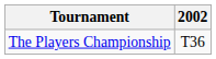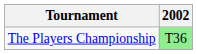 <table class="wikitable" style="font-size:95%;text-align:center;">
 <tr>
 <th>Tournament</th>
 <th>2002</th>
 </tr>
 <tr>
 <td align=left><a href='#'>The Players Championship</a></td>
-<td>T36</td>
+<td style="background: lightgreen;">T36</td>
 </tr>
 </table>
